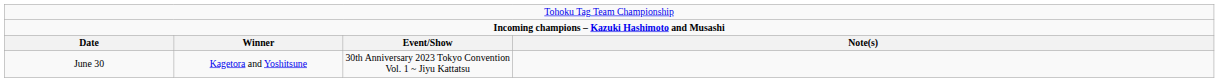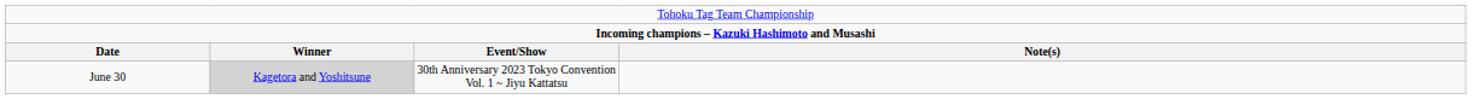 <table class="wikitable" style="text-align:center; width:100%;">
 <tr>
 <td colspan="5" style="text-align: center;"><a href='#'>Tohoku Tag Team Championship</a></td>
 </tr>
 <tr>
 <td colspan="5" style="text-align: center;"><strong>Incoming champions – <a href='#'>Kazuki Hashimoto</a> and Musashi</strong></td>
 </tr>
 <tr>
 <th width=14%>Date</th>
 <th width=14%>Winner</th>
 <th width=14%>Event/Show</th>
 <th width=58%>Note(s)</th>
 </tr>
 <tr>
 <td>June 30<br></td>
-<td><a href='#'>Kagetora</a> and <a href='#'>Yoshitsune</a></td>
+<td style="background: lightgrey;"><a href='#'>Kagetora</a> and <a href='#'>Yoshitsune</a></td>
 <td>30th Anniversary 2023 Tokyo Convention Vol. 1 ~ Jiyu Kattatsu</td>
 <td></td>
 </tr>
 </table>
